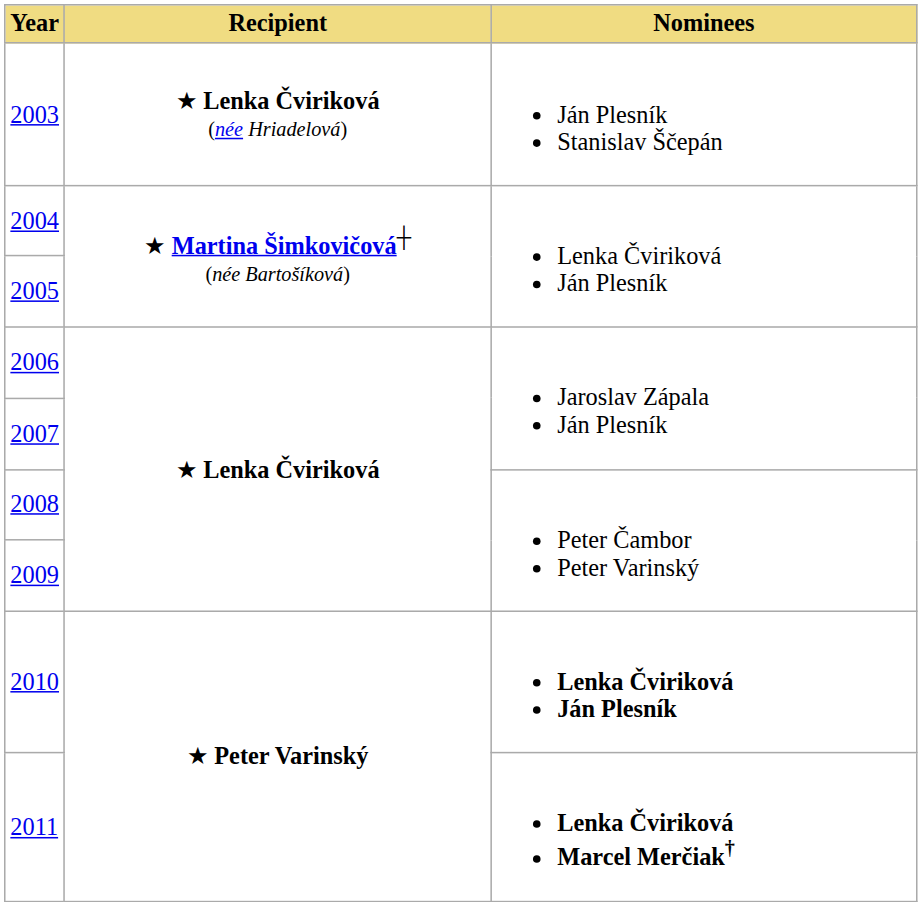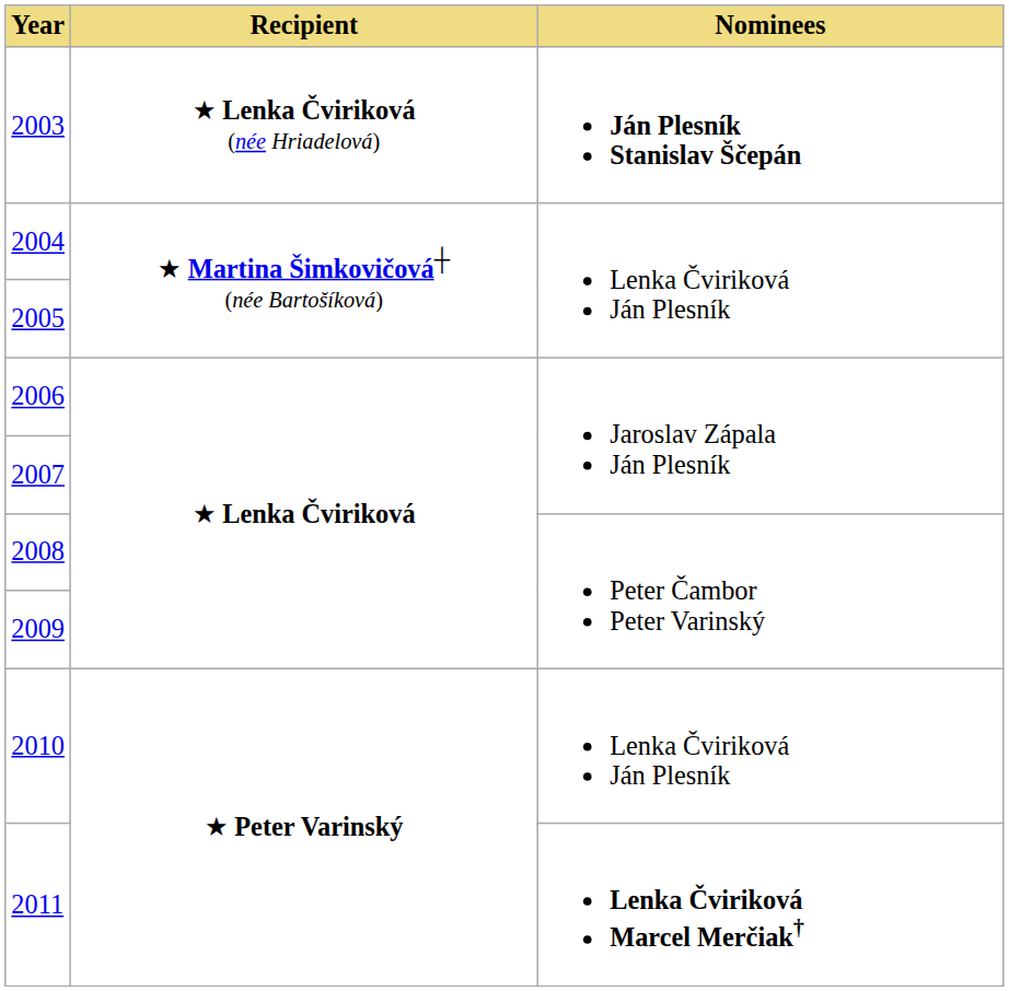 <table class=wikitable sortable style="background:white">
 <tr>
 <th style=background:#F0DC82>Year</th>
 <th style=background:#F0DC82 width=273>Recipient</th>
 <th style=background:#F0DC82 width=273>Nominees</th>
 </tr>
 <tr>
 <td><a href='#'>2003</a></td>
 <td align=center>★ <strong>Lenka Čviriková</strong> <br><small>(<em><a href='#'>née</a> Hriadelová</em>)</small></td>
-<td><br><ul><li>Ján Plesník</li><li>Stanislav Ščepán</li></ul></td>
+<td><strong><br><ul><li>Ján Plesník</li><li>Stanislav Ščepán</li></ul></strong></td>
 </tr>
 <tr>
 <td><a href='#'>2004</a></td>
 <td rowspan=2 align=center>★ <strong><a href='#'>Martina Šimkovičová</a></strong><sup>┼</sup> <br><small>(<em>née Bartošíková</em>)</small></td>
 <td rowspan=2><br><ul><li>Lenka Čviriková</li><li>Ján Plesník</li></ul></td>
 </tr>
 <tr>
 <td><a href='#'>2005</a></td>
 </tr>
 <tr>
 <td><a href='#'>2006</a></td>
 <td rowspan=4 align=center>★ <strong>Lenka Čviriková</strong> <br></td>
 <td rowspan=2><br><ul><li>Jaroslav Zápala</li><li>Ján Plesník</li></ul></td>
 </tr>
 <tr>
 <td><a href='#'>2007</a></td>
 </tr>
 <tr>
 <td><a href='#'>2008</a></td>
 <td rowspan=2><br><ul><li>Peter Čambor</li><li>Peter Varinský</li></ul></td>
 </tr>
 <tr>
 <td><a href='#'>2009</a></td>
 </tr>
 <tr>
 <td><a href='#'>2010</a></td>
 <td rowspan=2 align=center>★ <strong>Peter Varinský</strong> <br></td>
-<td><strong><br><ul><li>Lenka Čviriková</li><li>Ján Plesník</li></ul></strong></td>
+<td><br><ul><li>Lenka Čviriková</li><li>Ján Plesník</li></ul></td>
 </tr>
 <tr>
 <td><a href='#'>2011</a></td>
 <td><strong><br><ul><li>Lenka Čviriková</li><li>Marcel Merčiak<sup>†</sup></li></ul></strong></td>
 </tr>
 </table>
